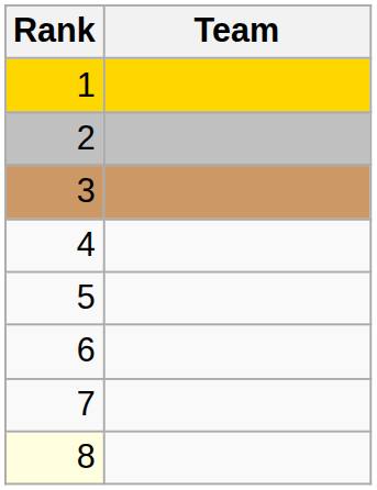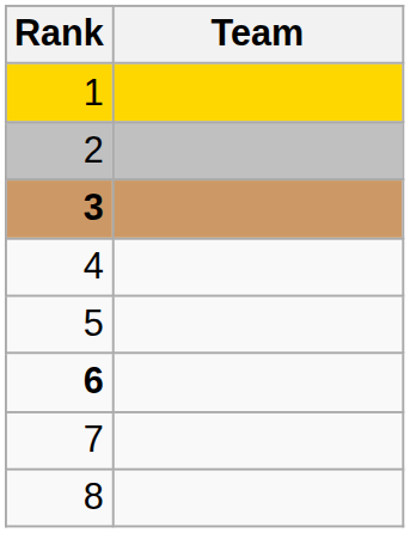 <table class=wikitable>
 <tr>
 <th width=20>Rank</th>
 <th width=120>Team</th>
 </tr>
 <tr bgcolor=gold>
 <td align=right>1</td>
 <td></td>
 </tr>
 <tr bgcolor=silver>
 <td align=right>2</td>
 <td></td>
 </tr>
 <tr bgcolor=#c96>
-<td align=right>3</td>
+<td align=right><strong>3</strong></td>
 <td><strong></strong></td>
 </tr>
 <tr>
 <td align=right>4</td>
 <td></td>
 </tr>
 <tr>
 <td align=right>5</td>
 <td></td>
 </tr>
 <tr>
-<td align=right>6</td>
+<td align=right><strong>6</strong></td>
 <td></td>
 </tr>
 <tr>
 <td align=right>7</td>
 <td></td>
 </tr>
 <tr>
-<td align=right style="background: lightyellow;">8</td>
+<td align=right>8</td>
 <td></td>
 </tr>
 </table>
